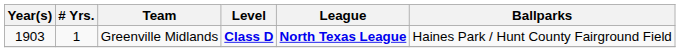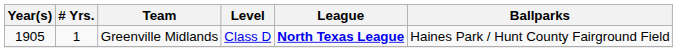 <table class="wikitable" style="text-align:center; font-size: 95%;">
 <tr>
 <th>Year(s)</th>
 <th># Yrs.</th>
 <th>Team</th>
 <th>Level</th>
 <th>League</th>
 <th>Ballparks</th>
 </tr>
 <tr>
-<td>1903</td>
+<td>1905</td>
 <td>1</td>
 <td>Greenville Midlands</td>
-<td><strong><a href='#'>Class D</a></strong></td>
+<td><a href='#'>Class D</a></td>
 <td><strong><a href='#'>North Texas League</a></strong></td>
 <td>Haines Park / Hunt County Fairground Field</td>
 </tr>
 <tr>
 </tr>
 </table>
